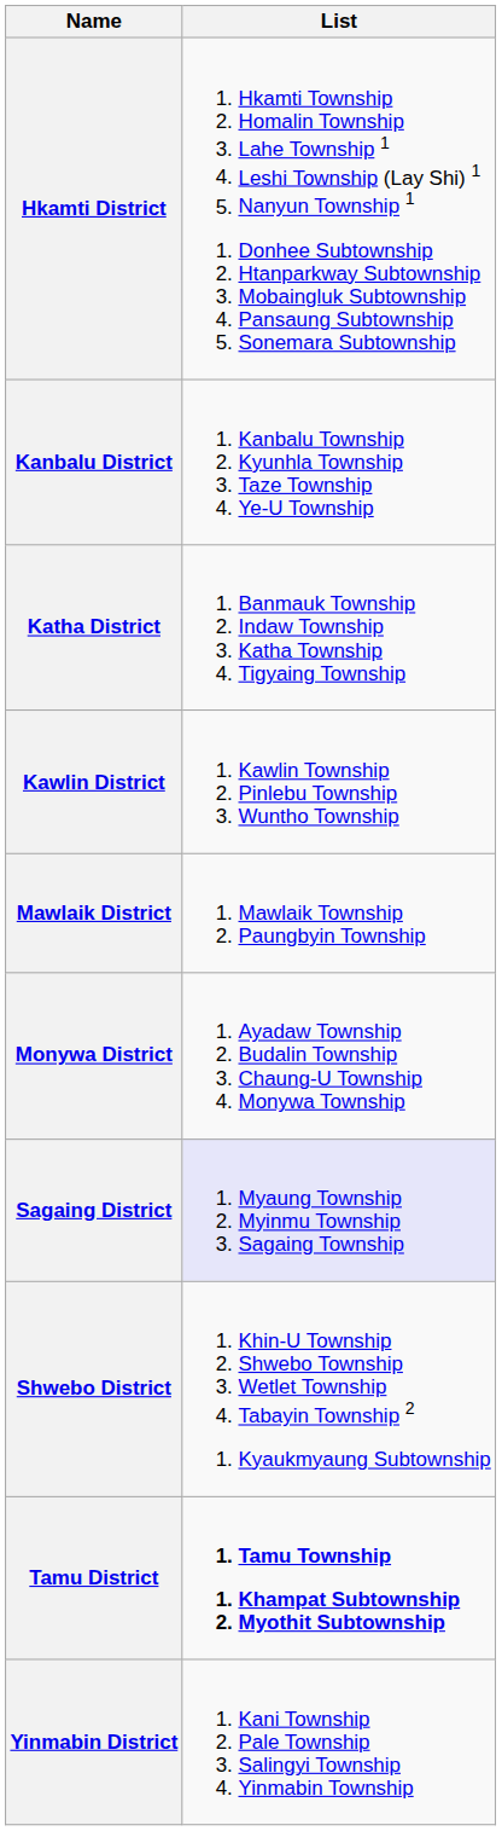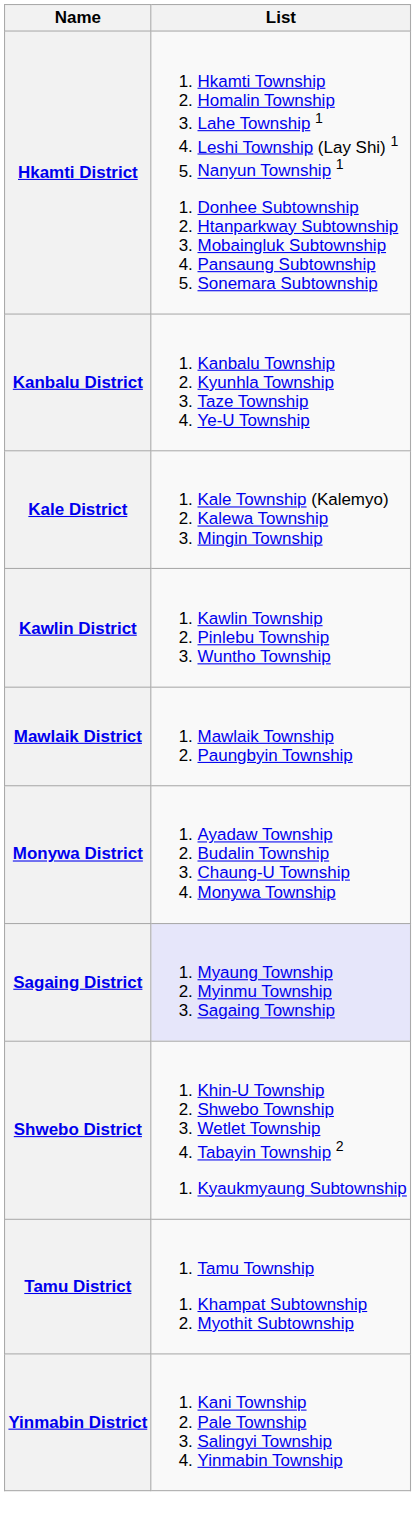 <table class=wikitable>
 <tr>
 <th>Name</th>
 <th>List</th>
 </tr>
 <tr>
 <th><a href='#'>Hkamti District</a></th>
 <td><br> <ol><li><a href='#'>Hkamti Township</a></li><li><a href='#'>Homalin Township</a></li><li><a href='#'>Lahe Township</a> <sup>1</sup></li><li><a href='#'>Leshi Township</a> (Lay Shi) <sup>1</sup></li><li><a href='#'>Nanyun Township</a> <sup>1</sup></li></ol><ol><li><a href='#'>Donhee Subtownship</a></li><li><a href='#'>Htanparkway Subtownship</a></li><li><a href='#'>Mobaingluk Subtownship</a></li><li><a href='#'>Pansaung Subtownship</a></li><li><a href='#'>Sonemara Subtownship</a></li></ol></td>
 </tr>
 <tr>
 <th><a href='#'>Kanbalu District</a></th>
 <td><br><ol><li><a href='#'>Kanbalu Township</a></li><li><a href='#'>Kyunhla Township</a></li><li><a href='#'>Taze Township</a></li><li><a href='#'>Ye-U Township</a></li></ol></td>
 </tr>
 <tr>
-<th><a href='#'>Katha District</a></th>
-<td><br><ol><li><a href='#'>Banmauk Township</a></li><li><a href='#'>Indaw Township</a></li><li><a href='#'>Katha Township</a></li><li><a href='#'>Tigyaing Township</a></li></ol></td>
+<th><a href='#'>Kale District</a></th>
+<td><br><ol><li><a href='#'>Kale Township</a> (Kalemyo)</li><li><a href='#'>Kalewa Township</a></li><li><a href='#'>Mingin Township</a></li></ol></td>
 </tr>
 <tr>
 <th><a href='#'>Kawlin District</a></th>
 <td><br><ol><li><a href='#'>Kawlin Township</a></li><li><a href='#'>Pinlebu Township</a></li><li><a href='#'>Wuntho Township</a></li></ol></td>
 </tr>
 <tr>
 <th><a href='#'>Mawlaik District</a></th>
 <td><br><ol><li><a href='#'>Mawlaik Township</a></li><li><a href='#'>Paungbyin Township</a></li></ol></td>
 </tr>
 <tr>
 <th><a href='#'>Monywa District</a></th>
 <td><br><ol><li><a href='#'>Ayadaw Township</a></li><li><a href='#'>Budalin Township</a></li><li><a href='#'>Chaung-U Township</a></li><li><a href='#'>Monywa Township</a></li></ol></td>
 </tr>
 <tr>
 <th><a href='#'>Sagaing District</a></th>
 <td style="background: lavender;"><br><ol><li><a href='#'>Myaung Township</a></li><li><a href='#'>Myinmu Township</a></li><li><a href='#'>Sagaing Township</a></li></ol></td>
 </tr>
 <tr>
 <th><a href='#'>Shwebo District</a></th>
 <td><br> <ol><li><a href='#'>Khin-U Township</a></li><li><a href='#'>Shwebo Township</a></li><li><a href='#'>Wetlet Township</a></li><li><a href='#'>Tabayin Township</a> <sup>2</sup></li></ol><ol><li><a href='#'>Kyaukmyaung Subtownship</a></li></ol></td>
 </tr>
 <tr>
 <th><a href='#'>Tamu District</a></th>
-<td><strong><br> <ol><li><a href='#'>Tamu Township</a></li></ol><ol><li><a href='#'>Khampat Subtownship</a></li><li><a href='#'>Myothit Subtownship</a></li></ol></strong></td>
+<td><br> <ol><li><a href='#'>Tamu Township</a></li></ol><ol><li><a href='#'>Khampat Subtownship</a></li><li><a href='#'>Myothit Subtownship</a></li></ol></td>
 </tr>
 <tr>
 <th><a href='#'>Yinmabin District</a></th>
 <td><br><ol><li><a href='#'>Kani Township</a></li><li><a href='#'>Pale Township</a></li><li><a href='#'>Salingyi Township</a></li><li><a href='#'>Yinmabin Township</a></li></ol></td>
 </tr>
 </table>
